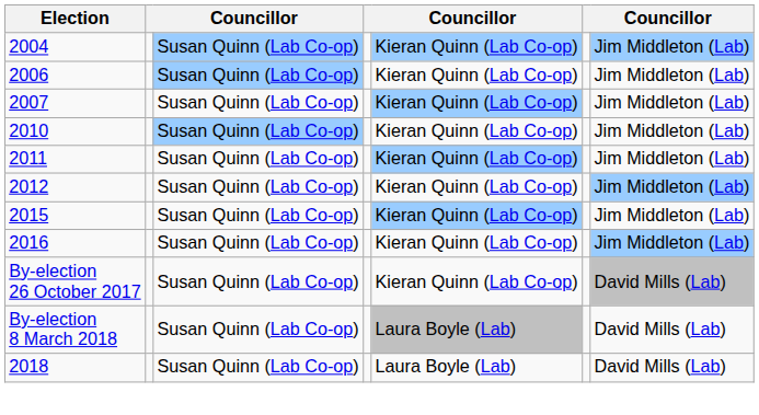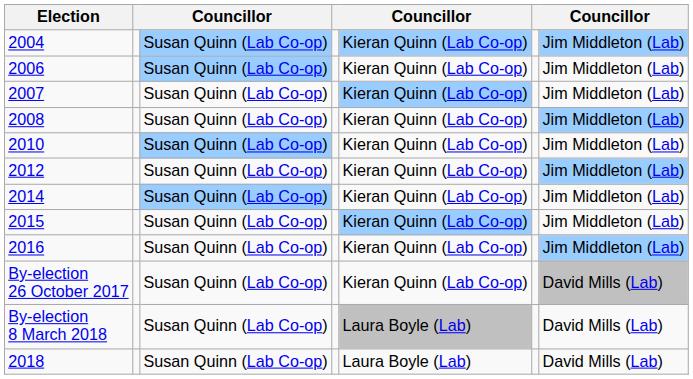 <table class="wikitable">
 <tr>
 <th>Election</th>
 <th colspan="2">Councillor</th>
 <th colspan="2">Councillor</th>
 <th colspan="2">Councillor</th>
 </tr>
 <tr>
 <td><a href='#'>2004</a></td>
 <td style="background-color: "></td>
 <td bgcolor="#99CCFF">Susan Quinn (<a href='#'>Lab Co-op</a>)</td>
 <td style="background-color: "></td>
 <td bgcolor="#99CCFF">Kieran Quinn (<a href='#'>Lab Co-op</a>)</td>
 <td style="background-color: "></td>
 <td bgcolor="#99CCFF">Jim Middleton (<a href='#'>Lab</a>)</td>
 </tr>
 <tr>
 <td><a href='#'>2006</a></td>
 <td style="background-color: "></td>
 <td bgcolor="#99CCFF">Susan Quinn (<a href='#'>Lab Co-op</a>)</td>
 <td style="background-color: "></td>
 <td>Kieran Quinn (<a href='#'>Lab Co-op</a>)</td>
 <td style="background-color: "></td>
 <td>Jim Middleton (<a href='#'>Lab</a>)</td>
 </tr>
 <tr>
 <td><a href='#'>2007</a></td>
 <td style="background-color: "></td>
 <td>Susan Quinn (<a href='#'>Lab Co-op</a>)</td>
 <td style="background-color: "></td>
 <td bgcolor="#99CCFF">Kieran Quinn (<a href='#'>Lab Co-op</a>)</td>
 <td style="background-color: "></td>
 <td>Jim Middleton (<a href='#'>Lab</a>)</td>
 </tr>
 <tr>
+<td><a href='#'>2008</a></td>
+<td style="background-color: "></td>
+<td>Susan Quinn (<a href='#'>Lab Co-op</a>)</td>
+<td style="background-color: "></td>
+<td>Kieran Quinn (<a href='#'>Lab Co-op</a>)</td>
+<td style="background-color: "></td>
+<td bgcolor="#99CCFF">Jim Middleton (<a href='#'>Lab</a>)</td>
+</tr>
+<tr>
 <td><a href='#'>2010</a></td>
 <td style="background-color: "></td>
 <td bgcolor="#99CCFF">Susan Quinn (<a href='#'>Lab Co-op</a>)</td>
 <td style="background-color: "></td>
 <td>Kieran Quinn (<a href='#'>Lab Co-op</a>)</td>
-<td style="background-color: "></td>
-<td>Jim Middleton (<a href='#'>Lab</a>)</td>
-</tr>
-<tr>
-<td><a href='#'>2011</a></td>
-<td style="background-color: "></td>
-<td>Susan Quinn (<a href='#'>Lab Co-op</a>)</td>
-<td style="background-color: "></td>
-<td bgcolor="#99CCFF">Kieran Quinn (<a href='#'>Lab Co-op</a>)</td>
 <td style="background-color: "></td>
 <td>Jim Middleton (<a href='#'>Lab</a>)</td>
 </tr>
 <tr>
 <td><a href='#'>2012</a></td>
 <td style="background-color: "></td>
 <td>Susan Quinn (<a href='#'>Lab Co-op</a>)</td>
 <td style="background-color: "></td>
 <td>Kieran Quinn (<a href='#'>Lab Co-op</a>)</td>
 <td style="background-color: "></td>
 <td bgcolor="#99CCFF">Jim Middleton (<a href='#'>Lab</a>)</td>
+</tr>
+<tr>
+<td><a href='#'>2014</a></td>
+<td style="background-color: "></td>
+<td bgcolor="#99CCFF">Susan Quinn (<a href='#'>Lab Co-op</a>)</td>
+<td style="background-color: "></td>
+<td>Kieran Quinn (<a href='#'>Lab Co-op</a>)</td>
+<td style="background-color: "></td>
+<td>Jim Middleton (<a href='#'>Lab</a>)</td>
 </tr>
 <tr>
 <td><a href='#'>2015</a></td>
 <td style="background-color: "></td>
 <td>Susan Quinn (<a href='#'>Lab Co-op</a>)</td>
 <td style="background-color: "></td>
 <td bgcolor="#99CCFF">Kieran Quinn (<a href='#'>Lab Co-op</a>)</td>
 <td style="background-color: "></td>
 <td>Jim Middleton (<a href='#'>Lab</a>)</td>
 </tr>
 <tr>
 <td><a href='#'>2016</a></td>
 <td style="background-color: "></td>
 <td>Susan Quinn (<a href='#'>Lab Co-op</a>)</td>
 <td style="background-color: "></td>
 <td>Kieran Quinn (<a href='#'>Lab Co-op</a>)</td>
 <td style="background-color: "></td>
 <td bgcolor="#99CCFF">Jim Middleton (<a href='#'>Lab</a>)</td>
 </tr>
 <tr>
 <td><a href='#'>By-election<br>26 October 2017</a></td>
 <td style="background-color: "></td>
 <td>Susan Quinn (<a href='#'>Lab Co-op</a>)</td>
 <td style="background-color: "></td>
 <td>Kieran Quinn (<a href='#'>Lab Co-op</a>)</td>
 <td style="background-color: "></td>
 <td bgcolor="#C0C0C0">David Mills (<a href='#'>Lab</a>)</td>
 </tr>
 <tr>
 <td><a href='#'>By-election<br>8 March 2018</a></td>
 <td style="background-color: "></td>
 <td>Susan Quinn (<a href='#'>Lab Co-op</a>)</td>
 <td style="background-color: "></td>
 <td bgcolor="#C0C0C0">Laura Boyle (<a href='#'>Lab</a>)</td>
 <td style="background-color: "></td>
 <td>David Mills (<a href='#'>Lab</a>)</td>
 </tr>
 <tr>
 <td><a href='#'>2018</a></td>
 <td style="background-color: "></td>
 <td>Susan Quinn (<a href='#'>Lab Co-op</a>)</td>
 <td style="background-color: "></td>
 <td>Laura Boyle (<a href='#'>Lab</a>)</td>
 <td style="background-color: "></td>
 <td>David Mills (<a href='#'>Lab</a>)</td>
 </tr>
 </table>
